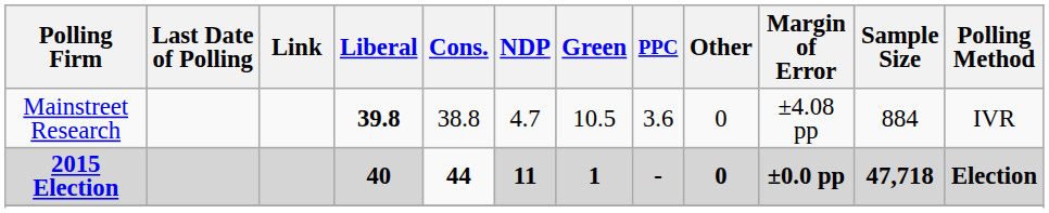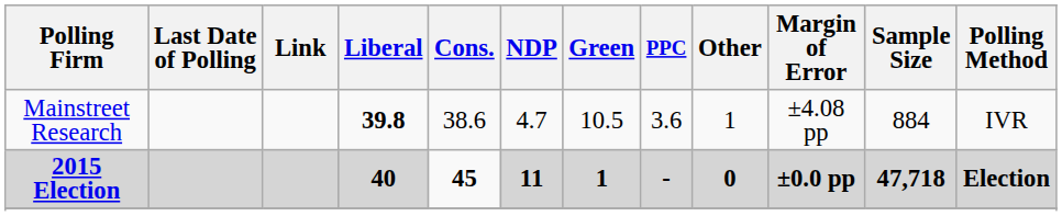 <table class="wikitable sortable" style="text-align:center;font-size:90%;line-height:14px;">
 <tr style="background:#e9e9e9;">
 <th style="width:120px">Polling Firm</th>
 <th style="width:110px">Last Date<br>of Polling</th>
 <th style="width:60px" class="unsortable">Link</th>
 <th style="background-color:"><strong><a href='#'>Liberal</a></strong></th>
 <th style="background-color:"><strong><a href='#'>Cons.</a></strong></th>
 <th style="background-color:"><strong><a href='#'>NDP</a></strong></th>
 <th style="background-color:"><strong><a href='#'>Green</a></strong></th>
 <th style="background-color:"><strong><small><a href='#'>PPC</a></small></strong></th>
 <th style="background-color:"><strong>Other</strong></th>
 <th style="width:60px;" class=unsortable>Margin<br>of Error</th>
 <th style="width:50px;" class=unsortable>Sample<br>Size</th>
 <th class=unsortable>Polling Method</th>
 </tr>
 <tr>
 <td><a href='#'>Mainstreet Research</a></td>
 <td></td>
 <td></td>
 <td><strong>39.8</strong></td>
-<td>38.8</td>
+<td>38.6</td>
 <td>4.7</td>
 <td>10.5</td>
 <td>3.6</td>
-<td>0</td>
+<td>1</td>
 <td>±4.08 pp</td>
 <td>884</td>
 <td>IVR</td>
 </tr>
 <tr>
 <td style="background:#D5D5D5"><strong><a href='#'>2015 Election</a></strong></td>
 <td style="background:#D5D5D5"><strong></strong></td>
 <td style="background:#D5D5D5"></td>
 <td style="background:#D5D5D5"><strong>40</strong></td>
-<td><strong>44</strong></td>
+<td><strong>45</strong></td>
 <td style="background:#D5D5D5"><strong>11</strong></td>
 <td style="background:#D5D5D5"><strong>1</strong></td>
 <td style="background:#D5D5D5"><strong>-</strong></td>
 <td style="background:#D5D5D5"><strong>0</strong></td>
 <td style="background:#D5D5D5"><strong>±0.0 pp</strong></td>
 <td style="background:#D5D5D5"><strong>47,718</strong></td>
 <td style="background:#D5D5D5"><strong>Election</strong></td>
 </tr>
 <tr>
 </tr>
 <tr>
 </tr>
 </table>
